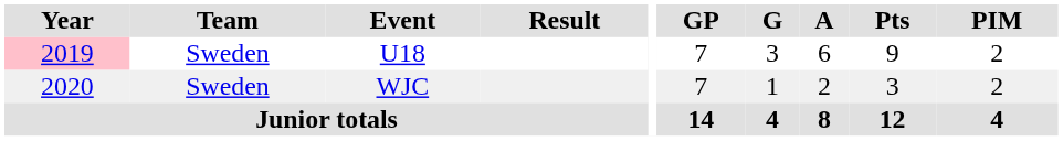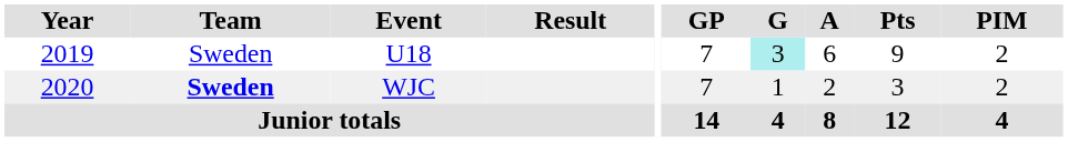 <table border="0" cellpadding="1" cellspacing="0" ID="Table3" style="text-align:center; width:40em;">
 <tr bgcolor="#e0e0e0">
 <th>Year</th>
 <th>Team</th>
 <th>Event</th>
 <th>Result</th>
 <th rowspan="99" bgcolor="#ffffff"></th>
 <th>GP</th>
 <th>G</th>
 <th>A</th>
 <th>Pts</th>
 <th>PIM</th>
 </tr>
 <tr>
-<td style="background: pink;"><a href='#'>2019</a></td>
+<td><a href='#'>2019</a></td>
 <td><a href='#'>Sweden</a></td>
 <td><a href='#'>U18</a></td>
 <td></td>
 <td>7</td>
-<td>3</td>
+<td style="background: paleturquoise;">3</td>
 <td>6</td>
 <td>9</td>
 <td>2</td>
 </tr>
 <tr bgcolor="#f0f0f0">
 <td><a href='#'>2020</a></td>
-<td><a href='#'>Sweden</a></td>
+<td><strong><a href='#'>Sweden</a></strong></td>
 <td><a href='#'>WJC</a></td>
 <td></td>
 <td>7</td>
 <td>1</td>
 <td>2</td>
 <td>3</td>
 <td>2</td>
 </tr>
 <tr bgcolor="#e0e0e0">
 <th colspan="4">Junior totals</th>
 <th>14</th>
 <th>4</th>
 <th>8</th>
 <th>12</th>
 <th>4</th>
 </tr>
 </table>
